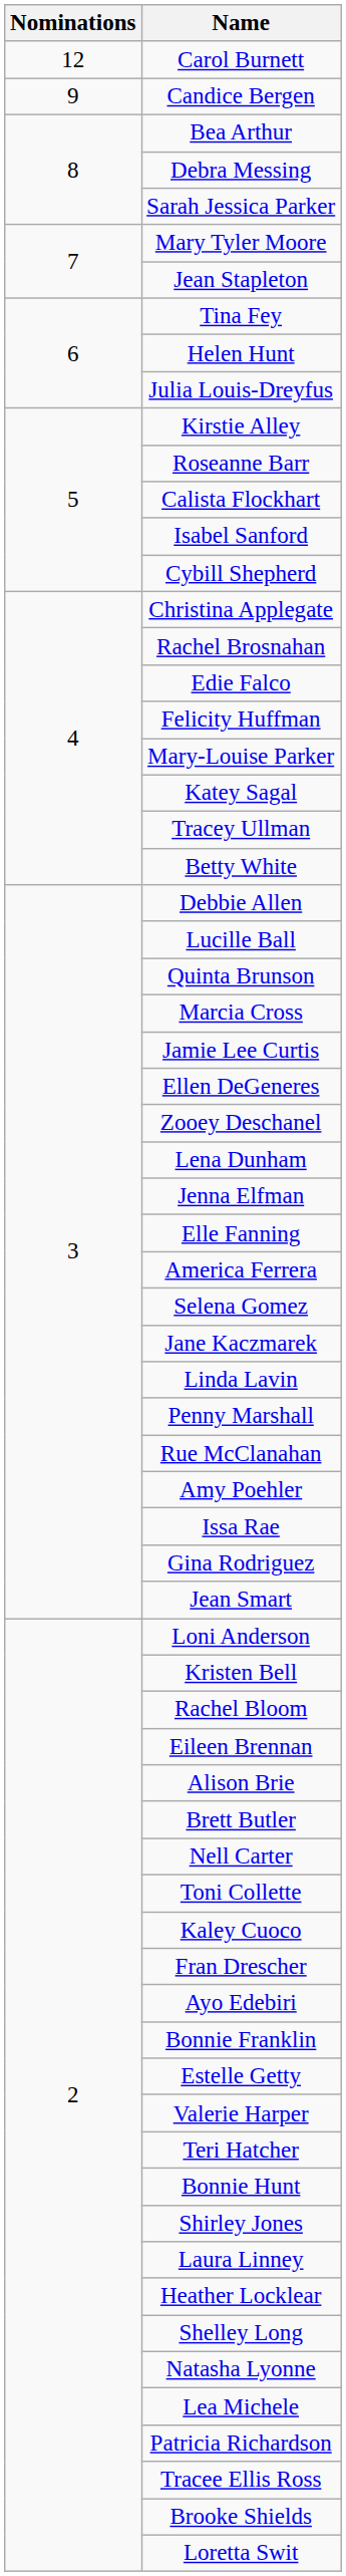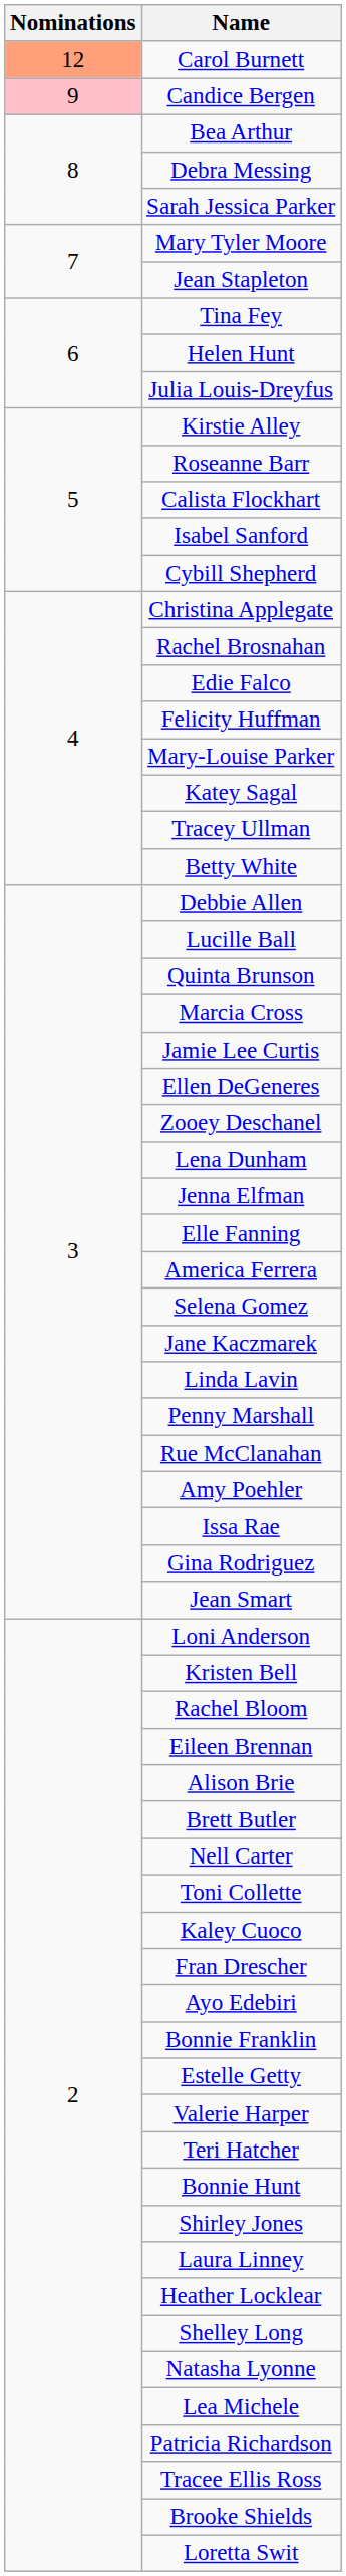 <table class="wikitable sortable" style="text-align: center;">
 <tr>
 <th scope="col" width="55">Nominations</th>
 <th scope="col" align="center">Name</th>
 </tr>
 <tr>
-<td style="text-align:center">12</td>
+<td style="background: lightsalmon; text-align:center">12</td>
 <td><a href='#'>Carol Burnett</a></td>
 </tr>
 <tr>
-<td style="text-align:center">9</td>
+<td style="background: pink; text-align:center">9</td>
 <td><a href='#'>Candice Bergen</a></td>
 </tr>
 <tr>
 <td rowspan=3 style="text-align:center">8</td>
 <td><a href='#'>Bea Arthur</a></td>
 </tr>
 <tr>
 <td><a href='#'>Debra Messing</a></td>
 </tr>
 <tr>
 <td><a href='#'>Sarah Jessica Parker</a></td>
 </tr>
 <tr>
 <td rowspan=2 style="text-align:center">7</td>
 <td><a href='#'>Mary Tyler Moore</a></td>
 </tr>
 <tr>
 <td><a href='#'>Jean Stapleton</a></td>
 </tr>
 <tr>
 <td rowspan=3 style="text-align:center">6</td>
 <td><a href='#'>Tina Fey</a></td>
 </tr>
 <tr>
 <td><a href='#'>Helen Hunt</a></td>
 </tr>
 <tr>
 <td><a href='#'>Julia Louis-Dreyfus</a></td>
 </tr>
 <tr>
 <td rowspan=5 style="text-align:center">5</td>
 <td><a href='#'>Kirstie Alley</a></td>
 </tr>
 <tr>
 <td><a href='#'>Roseanne Barr</a></td>
 </tr>
 <tr>
 <td><a href='#'>Calista Flockhart</a></td>
 </tr>
 <tr>
 <td><a href='#'>Isabel Sanford</a></td>
 </tr>
 <tr>
 <td><a href='#'>Cybill Shepherd</a></td>
 </tr>
 <tr>
 <td rowspan=8 style="text-align:center">4</td>
 <td><a href='#'>Christina Applegate</a></td>
 </tr>
 <tr>
 <td><a href='#'>Rachel Brosnahan</a></td>
 </tr>
 <tr>
 <td><a href='#'>Edie Falco</a></td>
 </tr>
 <tr>
 <td><a href='#'>Felicity Huffman</a></td>
 </tr>
 <tr>
 <td><a href='#'>Mary-Louise Parker</a></td>
 </tr>
 <tr>
 <td><a href='#'>Katey Sagal</a></td>
 </tr>
 <tr>
 <td><a href='#'>Tracey Ullman</a></td>
 </tr>
 <tr>
 <td><a href='#'>Betty White</a></td>
 </tr>
 <tr>
 <td rowspan=20 style="text-align:center">3</td>
 <td><a href='#'>Debbie Allen</a></td>
 </tr>
 <tr>
 <td><a href='#'>Lucille Ball</a></td>
 </tr>
 <tr>
 <td><a href='#'>Quinta Brunson</a></td>
 </tr>
 <tr>
 <td><a href='#'>Marcia Cross</a></td>
 </tr>
 <tr>
 <td><a href='#'>Jamie Lee Curtis</a></td>
 </tr>
 <tr>
 <td><a href='#'>Ellen DeGeneres</a></td>
 </tr>
 <tr>
 <td><a href='#'>Zooey Deschanel</a></td>
 </tr>
 <tr>
 <td><a href='#'>Lena Dunham</a></td>
 </tr>
 <tr>
 <td><a href='#'>Jenna Elfman</a></td>
 </tr>
 <tr>
 <td><a href='#'>Elle Fanning</a></td>
 </tr>
 <tr>
 <td><a href='#'>America Ferrera</a></td>
 </tr>
 <tr>
 <td><a href='#'>Selena Gomez</a></td>
 </tr>
 <tr>
 <td><a href='#'>Jane Kaczmarek</a></td>
 </tr>
 <tr>
 <td><a href='#'>Linda Lavin</a></td>
 </tr>
 <tr>
 <td><a href='#'>Penny Marshall</a></td>
 </tr>
 <tr>
 <td><a href='#'>Rue McClanahan</a></td>
 </tr>
 <tr>
 <td><a href='#'>Amy Poehler</a></td>
 </tr>
 <tr>
 <td><a href='#'>Issa Rae</a></td>
 </tr>
 <tr>
 <td><a href='#'>Gina Rodriguez</a></td>
 </tr>
 <tr>
 <td><a href='#'>Jean Smart</a></td>
 </tr>
 <tr>
 <td rowspan=26 style="text-align:center">2</td>
 <td><a href='#'>Loni Anderson</a></td>
 </tr>
 <tr>
 <td><a href='#'>Kristen Bell</a></td>
 </tr>
 <tr>
 <td><a href='#'>Rachel Bloom</a></td>
 </tr>
 <tr>
 <td><a href='#'>Eileen Brennan</a></td>
 </tr>
 <tr>
 <td><a href='#'>Alison Brie</a></td>
 </tr>
 <tr>
 <td><a href='#'>Brett Butler</a></td>
 </tr>
 <tr>
 <td><a href='#'>Nell Carter</a></td>
 </tr>
 <tr>
 <td><a href='#'>Toni Collette</a></td>
 </tr>
 <tr>
 <td><a href='#'>Kaley Cuoco</a></td>
 </tr>
 <tr>
 <td><a href='#'>Fran Drescher</a></td>
 </tr>
 <tr>
 <td><a href='#'>Ayo Edebiri</a></td>
 </tr>
 <tr>
 <td><a href='#'>Bonnie Franklin</a></td>
 </tr>
 <tr>
 <td><a href='#'>Estelle Getty</a></td>
 </tr>
 <tr>
 <td><a href='#'>Valerie Harper</a></td>
 </tr>
 <tr>
 <td><a href='#'>Teri Hatcher</a></td>
 </tr>
 <tr>
 <td><a href='#'>Bonnie Hunt</a></td>
 </tr>
 <tr>
 <td><a href='#'>Shirley Jones</a></td>
 </tr>
 <tr>
 <td><a href='#'>Laura Linney</a></td>
 </tr>
 <tr>
 <td><a href='#'>Heather Locklear</a></td>
 </tr>
 <tr>
 <td><a href='#'>Shelley Long</a></td>
 </tr>
 <tr>
 <td><a href='#'>Natasha Lyonne</a></td>
 </tr>
 <tr>
 <td><a href='#'>Lea Michele</a></td>
 </tr>
 <tr>
 <td><a href='#'>Patricia Richardson</a></td>
 </tr>
 <tr>
 <td><a href='#'>Tracee Ellis Ross</a></td>
 </tr>
 <tr>
 <td><a href='#'>Brooke Shields</a></td>
 </tr>
 <tr>
 <td><a href='#'>Loretta Swit</a></td>
 </tr>
 </table>
